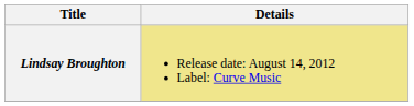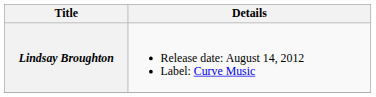 <table class="wikitable plainrowheaders">
 <tr>
 <th style="width:10em;">Title</th>
 <th style="width:20em;">Details</th>
 </tr>
 <tr>
 <th scope="row"><em>Lindsay Broughton</em></th>
-<td style="background: khaki;"><br><ul><li>Release date: August 14, 2012</li><li>Label: <a href='#'>Curve Music</a></li></ul></td>
+<td><br><ul><li>Release date: August 14, 2012</li><li>Label: <a href='#'>Curve Music</a></li></ul></td>
 </tr>
 <tr>
 </tr>
 </table>
